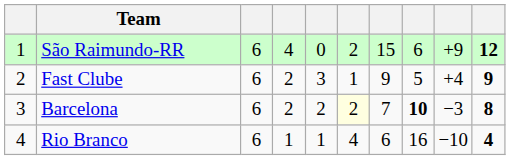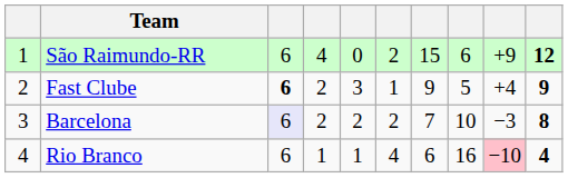 <table class="wikitable" style="text-align: center;">
 <tr>
 <th width=20></th>
 <th width=165>Team</th>
 <th width=20></th>
 <th width=20></th>
 <th width=20></th>
 <th width=20></th>
 <th width=20></th>
 <th width=20></th>
 <th width=20></th>
 <th width=20></th>
 </tr>
 <tr bgcolor=#ccffcc>
 <td>1</td>
 <td align=left> <a href='#'>São Raimundo-RR</a></td>
 <td>6</td>
 <td>4</td>
 <td>0</td>
 <td>2</td>
 <td>15</td>
 <td>6</td>
 <td>+9</td>
 <td><strong>12</strong></td>
 </tr>
 <tr>
 <td>2</td>
 <td align=left> <a href='#'>Fast Clube</a></td>
-<td>6</td>
+<td><strong>6</strong></td>
 <td>2</td>
 <td>3</td>
 <td>1</td>
 <td>9</td>
 <td>5</td>
 <td>+4</td>
 <td><strong>9</strong></td>
 </tr>
 <tr>
 <td>3</td>
 <td align=left> <a href='#'>Barcelona</a></td>
-<td>6</td>
+<td style="background: lavender;">6</td>
 <td>2</td>
 <td>2</td>
-<td style="background: lightyellow;">2</td>
+<td>2</td>
 <td>7</td>
-<td><strong>10</strong></td>
+<td>10</td>
 <td>−3</td>
 <td><strong>8</strong></td>
 </tr>
 <tr>
 <td>4</td>
 <td align=left> <a href='#'>Rio Branco</a></td>
 <td>6</td>
 <td>1</td>
 <td>1</td>
 <td>4</td>
 <td>6</td>
 <td>16</td>
-<td>−10</td>
+<td style="background: pink;">−10</td>
 <td><strong>4</strong></td>
 </tr>
 </table>
